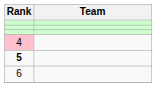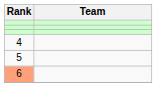 <table class=wikitable style="text-align:center;">
 <tr>
 <th>Rank</th>
 <th width=180>Team</th>
 </tr>
 <tr bgcolor=#CCFFCC>
 <td></td>
 <td align=left></td>
 </tr>
 <tr bgcolor=#CCFFCC>
 <td></td>
 <td align=left></td>
 </tr>
 <tr bgcolor=#CCFFCC>
 <td></td>
 <td align=left></td>
 </tr>
 <tr>
-<td style="background: pink;">4</td>
+<td>4</td>
 <td align=left></td>
 </tr>
 <tr>
-<td><strong>5</strong></td>
+<td>5</td>
 <td align=left></td>
 </tr>
 <tr>
-<td>6</td>
+<td style="background: lightsalmon;">6</td>
 <td align=left></td>
 </tr>
 <tr>
 </tr>
 </table>
